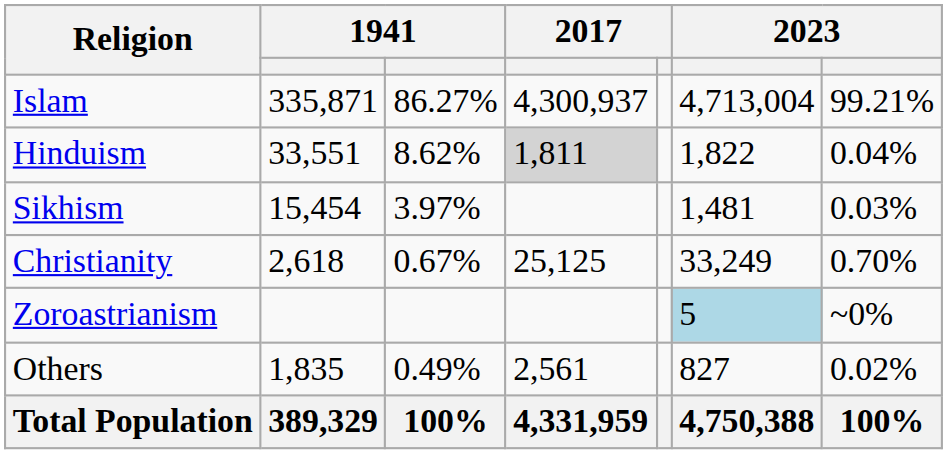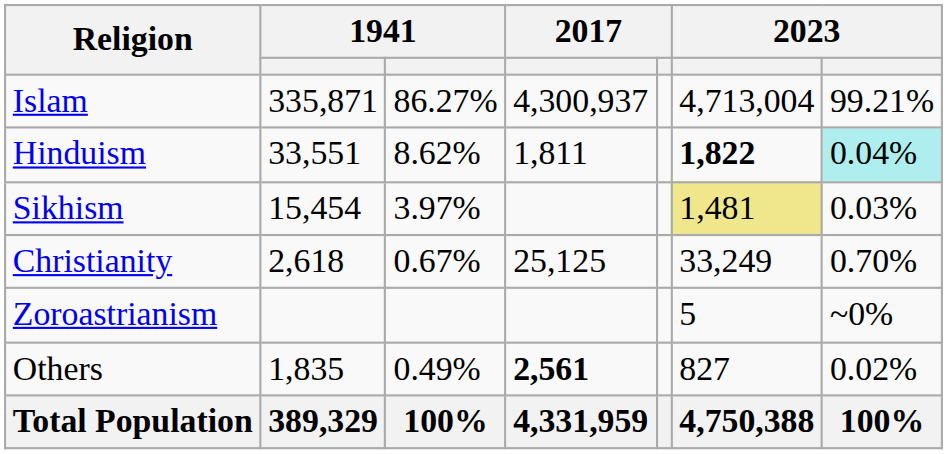 <table class="wikitable sortable">
 <tr>
 <th rowspan="2">Religion</th>
 <th colspan="2">1941</th>
 <th colspan="2">2017</th>
 <th colspan="2">2023</th>
 </tr>
 <tr>
 <th></th>
 <th></th>
 <th></th>
 <th></th>
 <th></th>
 <th></th>
 </tr>
 <tr>
 <td><a href='#'>Islam</a> </td>
 <td>335,871</td>
 <td>86.27%</td>
 <td>4,300,937</td>
 <td></td>
 <td>4,713,004</td>
 <td>99.21%</td>
 </tr>
 <tr>
 <td><a href='#'>Hinduism</a> </td>
 <td>33,551</td>
 <td>8.62%</td>
-<td style="background: lightgrey;">1,811</td>
+<td>1,811</td>
 <td></td>
-<td>1,822</td>
-<td>0.04%</td>
+<td><strong>1,822</strong></td>
+<td style="background: paleturquoise;">0.04%</td>
 </tr>
 <tr>
 <td><a href='#'>Sikhism</a> </td>
 <td>15,454</td>
 <td>3.97%</td>
 <td></td>
 <td></td>
-<td>1,481</td>
+<td style="background: khaki;">1,481</td>
 <td>0.03%</td>
 </tr>
 <tr>
 <td><a href='#'>Christianity</a> </td>
 <td>2,618</td>
 <td>0.67%</td>
 <td>25,125</td>
 <td></td>
 <td>33,249</td>
 <td>0.70%</td>
 </tr>
 <tr>
 <td><a href='#'>Zoroastrianism</a></td>
 <td></td>
 <td></td>
 <td></td>
 <td></td>
-<td style="background: lightblue;">5</td>
+<td>5</td>
 <td>~0%</td>
 </tr>
 <tr>
 <td>Others</td>
 <td>1,835</td>
 <td>0.49%</td>
-<td>2,561</td>
+<td><strong>2,561</strong></td>
 <td></td>
 <td>827</td>
 <td>0.02%</td>
 </tr>
 <tr>
 <th>Total Population</th>
 <th>389,329</th>
 <th>100%</th>
 <th>4,331,959</th>
 <th></th>
 <th>4,750,388</th>
 <th>100%</th>
 </tr>
 </table>
